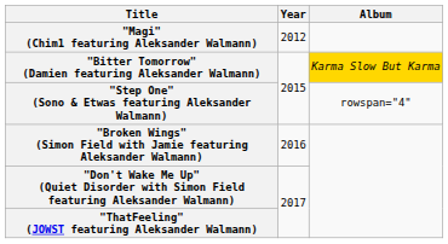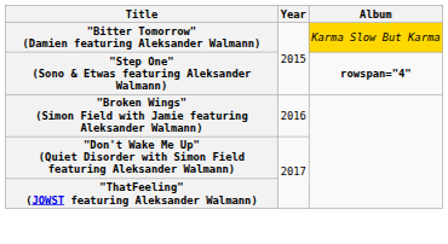 <table class="wikitable plainrowheaders" style="text-align:center;">
 <tr>
 <th scope="col" style="width:25em;">Title</th>
 <th scope="col" style="width:1em;">Year</th>
 <th scope="col">Album</th>
-</tr>
-<tr>
-<th scope="row">"Magi"<br><span>(Chim1 featuring Aleksander Walmann)</span></th>
-<td>2012</td>
-<td></td>
 </tr>
 <tr>
 <th scope="row">"Bitter Tomorrow"<br><span>(Damien featuring Aleksander Walmann)</span></th>
 <td rowspan="2">2015</td>
 <td style="background: gold;"><em>Karma Slow But Karma</em></td>
 </tr>
 <tr>
 <th scope="row">"Step One"<br><span>(Sono & Etwas featuring Aleksander Walmann)</span></th>
-<td>rowspan="4" </td>
+<td><strong>rowspan="4" </strong></td>
 </tr>
 <tr>
 <th scope="row">"Broken Wings"<br><span>(Simon Field with Jamie featuring Aleksander Walmann)</span></th>
 <td>2016</td>
 </tr>
 <tr>
 <th scope="row">"Don't Wake Me Up"<br><span>(Quiet Disorder with Simon Field featuring Aleksander Walmann)</span></th>
 <td rowspan="2">2017</td>
 </tr>
 <tr>
 <th scope="row">"ThatFeeling"<br><span>(<a href='#'>JOWST</a> featuring Aleksander Walmann)</span></th>
 </tr>
 </table>
